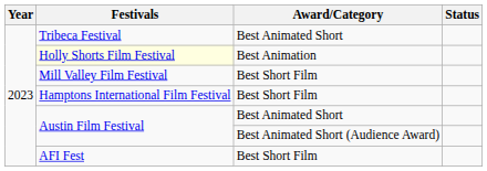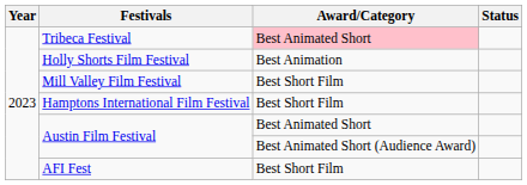 <table class="wikitable">
 <tr>
 <th>Year</th>
 <th>Festivals</th>
 <th>Award/Category</th>
 <th>Status</th>
 </tr>
 <tr>
 <td rowspan="7">2023</td>
 <td><a href='#'>Tribeca Festival</a></td>
-<td>Best Animated Short</td>
+<td style="background: pink;">Best Animated Short</td>
 <td></td>
 </tr>
 <tr>
-<td style="background: lightyellow;"><a href='#'>Holly Shorts Film Festival</a></td>
+<td><a href='#'>Holly Shorts Film Festival</a></td>
 <td>Best Animation</td>
 <td></td>
 </tr>
 <tr>
 <td><a href='#'>Mill Valley Film Festival</a></td>
 <td>Best Short Film</td>
 <td></td>
 </tr>
 <tr>
 <td><a href='#'>Hamptons International Film Festival</a></td>
 <td>Best Short Film</td>
 <td></td>
 </tr>
 <tr>
 <td rowspan="2"><a href='#'>Austin Film Festival</a></td>
 <td>Best Animated Short</td>
 <td></td>
 </tr>
 <tr>
 <td>Best Animated Short (Audience Award)</td>
 <td></td>
 </tr>
 <tr>
 <td><a href='#'>AFI Fest</a></td>
 <td>Best Short Film</td>
 <td></td>
 </tr>
 </table>
